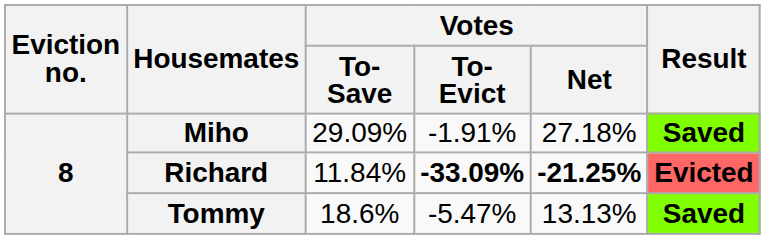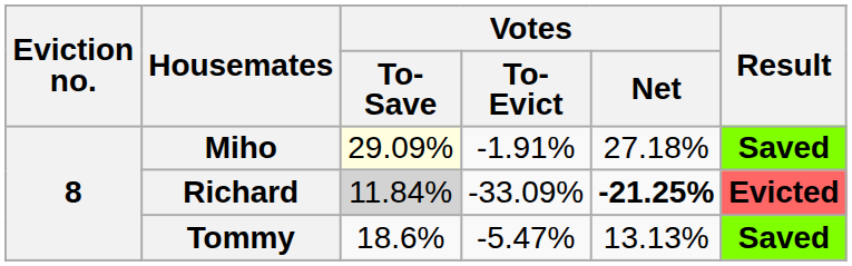 <table class="wikitable" style="text-align:center; font-size:90%; line-height:14px;" width="40%">
 <tr>
 <th rowspan="2" width="05%">Eviction no.</th>
 <th rowspan="2" width="10%">Housemates</th>
 <th colspan="3" width="27%">Votes</th>
 <th rowspan="2" width="10%">Result</th>
 </tr>
 <tr>
 <th width="09%">To-Save</th>
 <th width="09%">To-Evict</th>
 <th width="09%">Net</th>
 </tr>
 <tr>
 <th rowspan="3">8</th>
 <th>Miho</th>
-<td>29.09%</td>
+<td style="background: lightyellow;">29.09%</td>
 <td>-1.91%</td>
 <td>27.18%</td>
 <th style="background:#7FFF00;">Saved</th>
 </tr>
 <tr>
 <th>Richard</th>
-<td>11.84%</td>
-<td><strong>-33.09%</strong></td>
+<td style="background: lightgrey;">11.84%</td>
+<td>-33.09%</td>
 <td><strong>-21.25%</strong></td>
 <th style="background:#FF6666;">Evicted</th>
 </tr>
 <tr>
 <th>Tommy</th>
 <td>18.6%</td>
 <td>-5.47%</td>
 <td>13.13%</td>
 <th style="background:#7FFF00;">Saved</th>
 </tr>
 </table>
